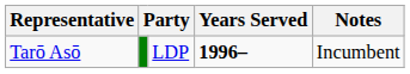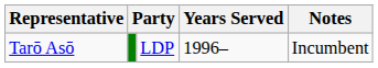 <table class=wikitable>
 <tr valign=bottom>
 <th>Representative</th>
 <th colspan="2">Party</th>
 <th>Years Served</th>
 <th>Notes</th>
 </tr>
 <tr>
 <td><a href='#'>Tarō Asō</a></td>
 <td bgcolor=green></td>
 <td><a href='#'>LDP</a></td>
-<td><strong>1996–</strong></td>
+<td>1996–</td>
 <td>Incumbent</td>
 </tr>
 </table>
